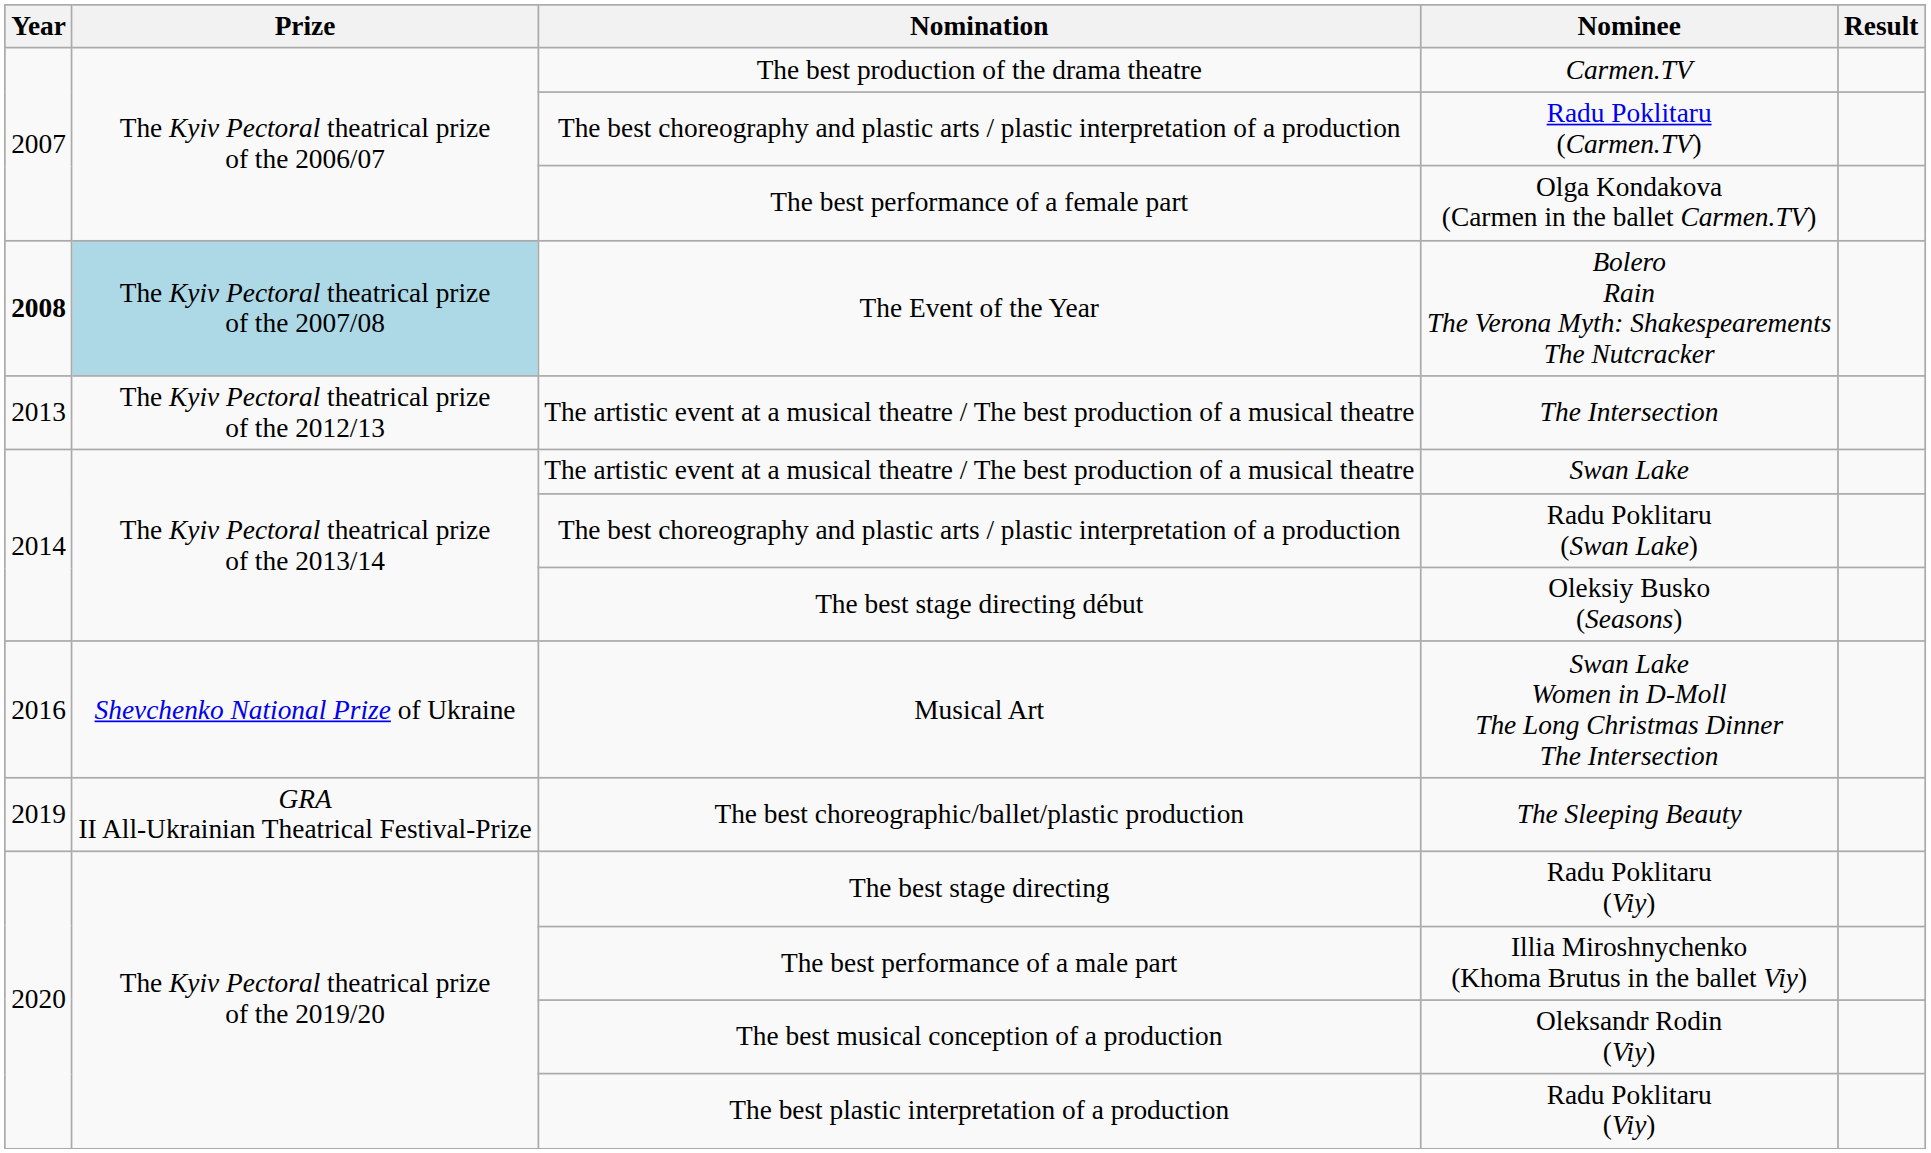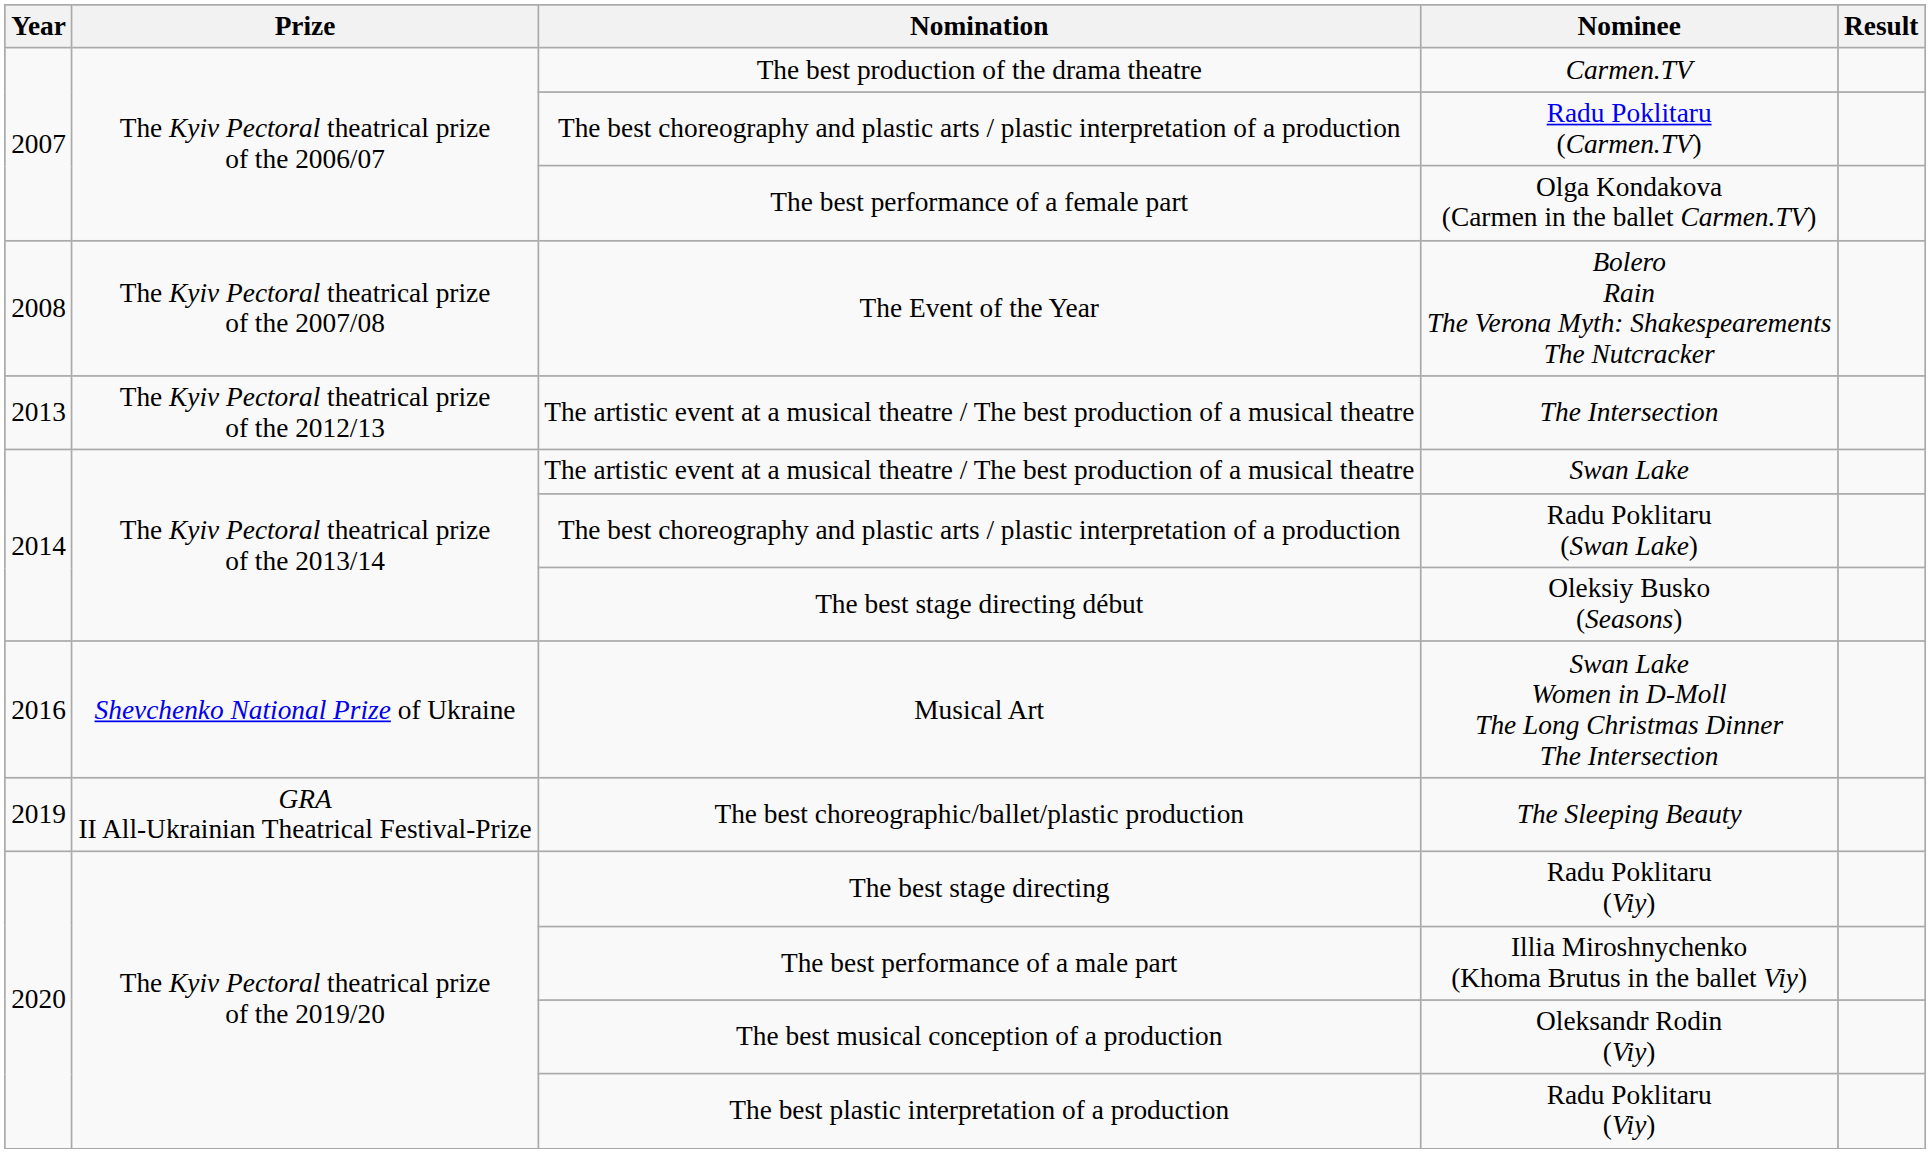 <table class="wikitable" style="font-size: 100%; margin-bottom: 10px;">
 <tr>
 <th>Year</th>
 <th>Prize</th>
 <th>Nomination</th>
 <th>Nominee</th>
 <th>Result</th>
 </tr>
 <tr>
 <td rowspan="3" style="text-align:center">2007</td>
 <td rowspan="3" style="text-align:center">The <em>Kyiv Pectoral</em> theatrical prize<br>of the 2006/07</td>
 <td style="text-align:center">The best production of the drama theatre</td>
 <td style="text-align:center"><em>Carmen.TV</em></td>
 <td></td>
 </tr>
 <tr>
 <td style="text-align:center">The best choreography and plastic arts / plastic interpretation of a production</td>
 <td style="text-align:center"><a href='#'>Radu Poklitaru</a><br>(<em>Carmen.TV</em>)</td>
 <td></td>
 </tr>
 <tr>
 <td style="text-align:center">The best performance of a female part</td>
 <td style="text-align:center">Olga Kondakova<br>(Carmen in the ballet <em>Carmen.TV</em>)</td>
 <td></td>
 </tr>
 <tr>
-<td style="text-align:center"><strong>2008</strong></td>
-<td rowspan="1" style="background: lightblue; text-align:center">The <em>Kyiv Pectoral</em> theatrical prize<br>of the 2007/08</td>
+<td style="text-align:center">2008</td>
+<td rowspan="1" style="text-align:center">The <em>Kyiv Pectoral</em> theatrical prize<br>of the 2007/08</td>
 <td style="text-align:center">The Event of the Year</td>
 <td style="text-align:center"><em>Bolero</em><br><em>Rain</em><br><em>The Verona Myth: Shakespearements</em><br><em>The Nutcracker</em></td>
 <td></td>
 </tr>
 <tr>
 <td style="text-align:center">2013</td>
 <td rowspan="1" style="text-align:center">The <em>Kyiv Pectoral</em> theatrical prize<br>of the 2012/13</td>
 <td style="text-align:center">The artistic event at a musical theatre / The best production of a musical theatre</td>
 <td style="text-align:center"><em>The Intersection</em></td>
 <td></td>
 </tr>
 <tr>
 <td rowspan="3" style="text-align:center">2014</td>
 <td rowspan="3" style="text-align:center">The <em>Kyiv Pectoral</em> theatrical prize<br>of the 2013/14</td>
 <td style="text-align:center">The artistic event at a musical theatre / The best production of a musical theatre</td>
 <td style="text-align:center"><em>Swan Lake</em></td>
 <td></td>
 </tr>
 <tr>
 <td style="text-align:center">The best choreography and plastic arts / plastic interpretation of a production</td>
 <td style="text-align:center">Radu Poklitaru<br>(<em>Swan Lake</em>)</td>
 <td></td>
 </tr>
 <tr>
 <td style="text-align:center">The best stage directing début</td>
 <td style="text-align:center">Oleksiy Busko<br>(<em>Seasons</em>)</td>
 <td></td>
 </tr>
 <tr>
 <td style="text-align:center">2016</td>
 <td rowspan="1" style="text-align:center"><em><a href='#'>Shevchenko National Prize</a></em> of Ukraine</td>
 <td style="text-align:center">Musical Art</td>
 <td style="text-align:center"><em>Swan Lake</em><br><em>Women in D-Moll</em><br><em>The Long Christmas Dinner</em><br><em>The Intersection</em></td>
 <td></td>
 </tr>
 <tr>
 <td style="text-align:center">2019</td>
 <td rowspan="1" style="text-align:center"><em>GRA</em><br>II All-Ukrainian Theatrical Festival-Prize</td>
 <td style="text-align:center">The best choreographic/ballet/plastic production</td>
 <td style="text-align:center"><em>The Sleeping Beauty</em></td>
 <td></td>
 </tr>
 <tr>
 <td rowspan="4" style="text-align:center">2020</td>
 <td rowspan="4" style="text-align:center">The <em>Kyiv Pectoral</em> theatrical prize<br>of the 2019/20</td>
 <td style="text-align:center">The best stage directing</td>
 <td style="text-align:center">Radu Poklitaru<br>(<em>Viy</em>)</td>
 <td></td>
 </tr>
 <tr>
 <td style="text-align:center">The best performance of a male part</td>
 <td style="text-align:center">Illia Miroshnychenko<br>(Khoma Brutus in the ballet <em>Viy</em>)</td>
 <td></td>
 </tr>
 <tr>
 <td style="text-align:center">The best musical conception of a production</td>
 <td style="text-align:center">Оleksandr Rodin<br>(<em>Viy</em>)</td>
 <td></td>
 </tr>
 <tr>
 <td style="text-align:center">The best plastic interpretation of a production</td>
 <td style="text-align:center">Radu Poklitaru<br>(<em>Viy</em>)</td>
 <td></td>
 </tr>
 <tr>
 </tr>
 </table>
